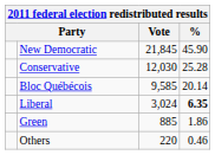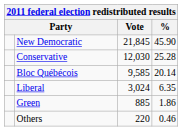 <table class="wikitable">
 <tr>
 <th colspan="4"><a href='#'>2011 federal election</a> redistributed results</th>
 </tr>
 <tr>
 <th bgcolor="#DDDDFF" width="130px" colspan="2">Party</th>
 <th bgcolor="#DDDDFF" width="50px">Vote</th>
 <th bgcolor="#DDDDFF" width="30px">%</th>
 </tr>
 <tr>
 <td> </td>
 <td><a href='#'>New Democratic</a></td>
 <td align=right>21,845</td>
 <td align=right>45.90</td>
 </tr>
 <tr>
 <td> </td>
 <td><a href='#'>Conservative</a></td>
 <td align=right>12,030</td>
 <td align=right>25.28</td>
 </tr>
 <tr>
 <td> </td>
 <td><a href='#'>Bloc Québécois</a></td>
 <td align=right>9,585</td>
 <td align=right>20.14</td>
 </tr>
 <tr>
 <td> </td>
 <td><a href='#'>Liberal</a></td>
 <td align=right>3,024</td>
-<td align=right><strong>6.35</strong></td>
+<td align=right>6.35</td>
 </tr>
 <tr>
 <td> </td>
 <td><a href='#'>Green</a></td>
 <td align=right>885</td>
 <td align=right>1.86</td>
 </tr>
 <tr>
 <td> </td>
 <td>Others</td>
 <td align=right>220</td>
 <td align=right>0.46</td>
 </tr>
 </table>
